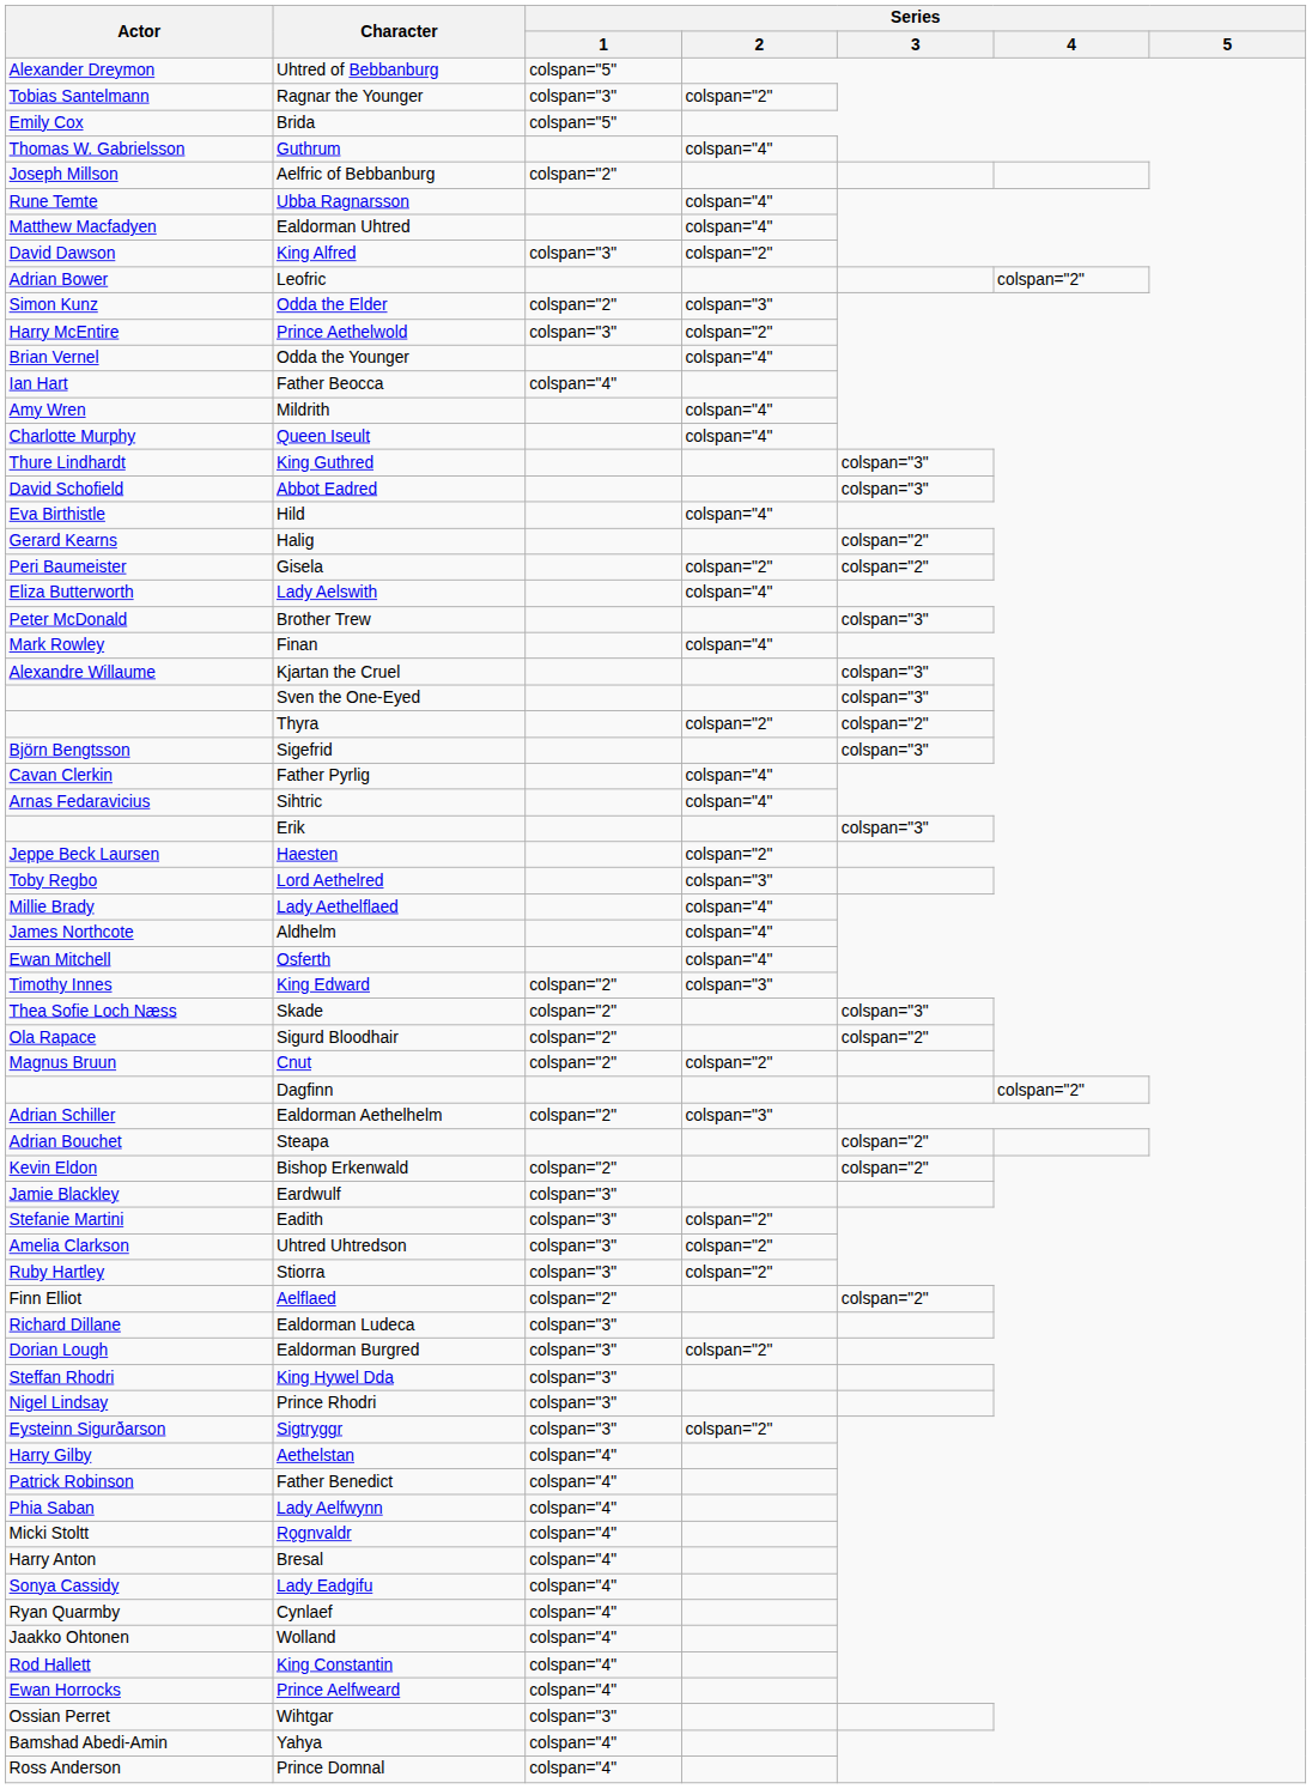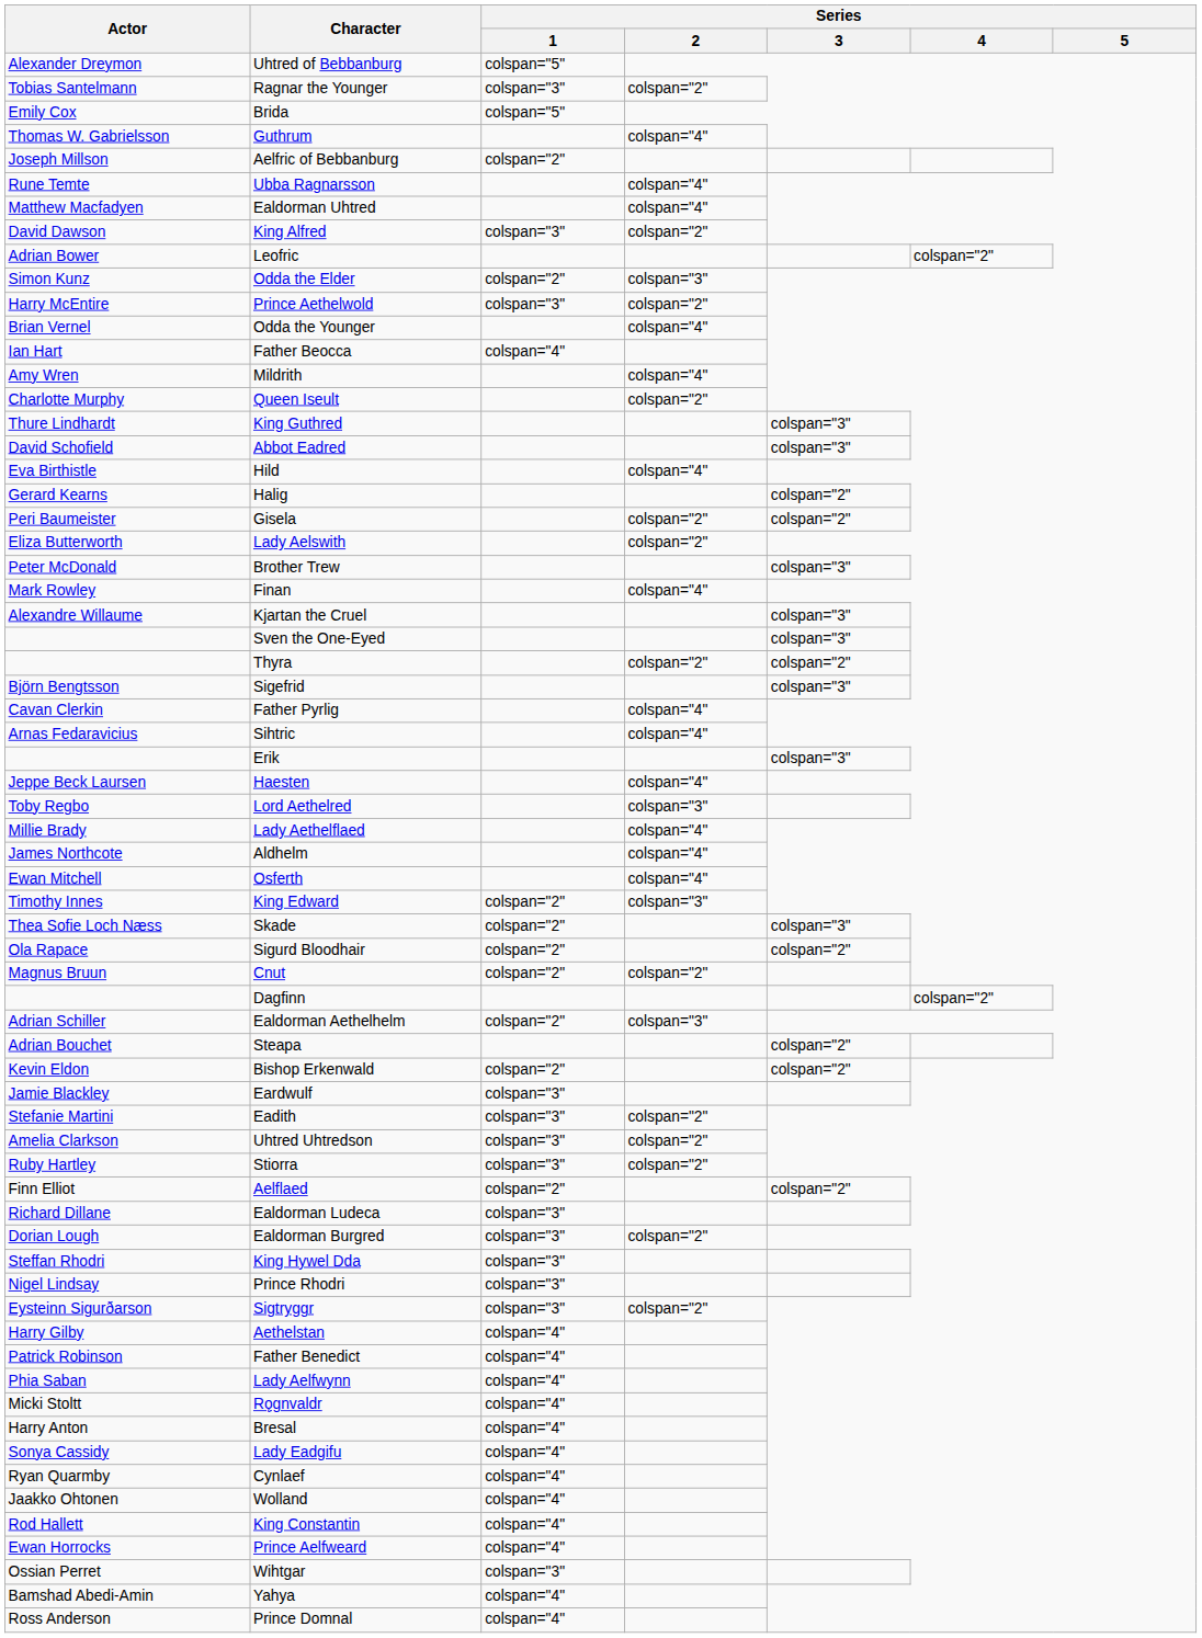 <table class="wikitable" width="100%">
 <tr>
 <th rowspan="2">Actor</th>
 <th rowspan="2">Character</th>
 <th colspan="5">Series</th>
 </tr>
 <tr>
 <th style="width:12%;">1</th>
 <th style="width:12%;">2</th>
 <th style="width:12%;">3</th>
 <th style="width:12%;">4</th>
 <th style="width:12%;">5</th>
 </tr>
 <tr>
 <td><a href='#'>Alexander Dreymon</a></td>
 <td>Uhtred of <a href='#'>Bebbanburg</a></td>
 <td>colspan="5" </td>
 </tr>
 <tr>
 <td><a href='#'>Tobias Santelmann</a></td>
 <td>Ragnar the Younger</td>
 <td>colspan="3" </td>
 <td>colspan="2" </td>
 </tr>
 <tr>
 <td><a href='#'>Emily Cox</a></td>
 <td>Brida</td>
 <td>colspan="5" </td>
 </tr>
 <tr>
 <td><a href='#'>Thomas W. Gabrielsson</a></td>
 <td><a href='#'>Guthrum</a></td>
 <td></td>
 <td>colspan="4" </td>
 </tr>
 <tr>
 <td><a href='#'>Joseph Millson</a></td>
 <td>Aelfric of Bebbanburg</td>
 <td>colspan="2" </td>
 <td></td>
 <td></td>
 <td></td>
 </tr>
 <tr>
 <td><a href='#'>Rune Temte</a></td>
 <td><a href='#'>Ubba Ragnarsson</a></td>
 <td></td>
 <td>colspan="4" </td>
 </tr>
 <tr>
 <td><a href='#'>Matthew Macfadyen</a></td>
 <td>Ealdorman Uhtred</td>
 <td></td>
 <td>colspan="4" </td>
 </tr>
 <tr>
 <td><a href='#'>David Dawson</a></td>
 <td><a href='#'>King Alfred</a></td>
 <td>colspan="3" </td>
 <td>colspan="2" </td>
 </tr>
 <tr>
 <td><a href='#'>Adrian Bower</a></td>
 <td>Leofric</td>
 <td></td>
 <td></td>
 <td></td>
 <td>colspan="2" </td>
 </tr>
 <tr>
 <td><a href='#'>Simon Kunz</a></td>
 <td><a href='#'>Odda the Elder</a></td>
 <td>colspan="2" </td>
 <td>colspan="3" </td>
 </tr>
 <tr>
 <td><a href='#'>Harry McEntire</a></td>
 <td><a href='#'>Prince Aethelwold</a></td>
 <td>colspan="3" </td>
 <td>colspan="2" </td>
 </tr>
 <tr>
 <td><a href='#'>Brian Vernel</a></td>
 <td>Odda the Younger</td>
 <td></td>
 <td>colspan="4" </td>
 </tr>
 <tr>
 <td><a href='#'>Ian Hart</a></td>
 <td>Father Beocca</td>
 <td>colspan="4" </td>
 <td></td>
 </tr>
 <tr>
 <td><a href='#'>Amy Wren</a></td>
 <td>Mildrith</td>
 <td></td>
 <td>colspan="4" </td>
 </tr>
 <tr>
 <td><a href='#'>Charlotte Murphy</a></td>
 <td><a href='#'>Queen Iseult</a></td>
 <td></td>
-<td>colspan="4" </td>
+<td>colspan="2" </td>
 </tr>
 <tr>
 <td><a href='#'>Thure Lindhardt</a></td>
 <td><a href='#'>King Guthred</a></td>
 <td></td>
 <td></td>
 <td>colspan="3" </td>
 </tr>
 <tr>
 <td><a href='#'>David Schofield</a></td>
 <td><a href='#'>Abbot Eadred</a></td>
 <td></td>
 <td></td>
 <td>colspan="3" </td>
 </tr>
 <tr>
 <td><a href='#'>Eva Birthistle</a></td>
 <td>Hild</td>
 <td></td>
 <td>colspan="4" </td>
 </tr>
 <tr>
 <td><a href='#'>Gerard Kearns</a></td>
 <td>Halig</td>
 <td></td>
 <td></td>
 <td>colspan="2" </td>
 </tr>
 <tr>
 <td><a href='#'>Peri Baumeister</a></td>
 <td>Gisela</td>
 <td></td>
 <td>colspan="2" </td>
 <td>colspan="2" </td>
 </tr>
 <tr>
 <td><a href='#'>Eliza Butterworth</a></td>
 <td><a href='#'>Lady Aelswith</a></td>
 <td></td>
-<td>colspan="4" </td>
+<td>colspan="2" </td>
 </tr>
 <tr>
 <td><a href='#'>Peter McDonald</a></td>
 <td>Brother Trew</td>
 <td></td>
 <td></td>
 <td>colspan="3" </td>
 </tr>
 <tr>
 <td><a href='#'>Mark Rowley</a></td>
 <td>Finan</td>
 <td></td>
 <td>colspan="4" </td>
 </tr>
 <tr>
 <td><a href='#'>Alexandre Willaume</a></td>
 <td>Kjartan the Cruel</td>
 <td></td>
 <td></td>
 <td>colspan="3" </td>
 </tr>
 <tr>
 <td></td>
 <td>Sven the One-Eyed</td>
 <td></td>
 <td></td>
 <td>colspan="3" </td>
 </tr>
 <tr>
 <td></td>
 <td>Thyra</td>
 <td></td>
 <td>colspan="2" </td>
 <td>colspan="2" </td>
 </tr>
 <tr>
 <td><a href='#'>Björn Bengtsson</a></td>
 <td>Sigefrid</td>
 <td></td>
 <td></td>
 <td>colspan="3" </td>
 </tr>
 <tr>
 <td><a href='#'>Cavan Clerkin</a></td>
 <td>Father Pyrlig</td>
 <td></td>
 <td>colspan="4" </td>
 </tr>
 <tr>
 <td><a href='#'>Arnas Fedaravicius</a></td>
 <td>Sihtric</td>
 <td></td>
 <td>colspan="4" </td>
 </tr>
 <tr>
 <td></td>
 <td>Erik</td>
 <td></td>
 <td></td>
 <td>colspan="3" </td>
 </tr>
 <tr>
 <td><a href='#'>Jeppe Beck Laursen</a></td>
 <td><a href='#'>Haesten</a></td>
 <td></td>
-<td>colspan="2" </td>
+<td>colspan="4" </td>
 </tr>
 <tr>
 <td><a href='#'>Toby Regbo</a></td>
 <td><a href='#'>Lord Aethelred</a></td>
 <td></td>
 <td>colspan="3" </td>
 <td></td>
 </tr>
 <tr>
 <td><a href='#'>Millie Brady</a></td>
 <td><a href='#'>Lady Aethelflaed</a></td>
 <td></td>
 <td>colspan="4" </td>
 </tr>
 <tr>
 <td><a href='#'>James Northcote</a></td>
 <td>Aldhelm</td>
 <td></td>
 <td>colspan="4" </td>
 </tr>
 <tr>
 <td><a href='#'>Ewan Mitchell</a></td>
 <td><a href='#'>Osferth</a></td>
 <td></td>
 <td>colspan="4" </td>
 </tr>
 <tr>
 <td><a href='#'>Timothy Innes</a></td>
 <td><a href='#'>King Edward</a></td>
 <td>colspan="2" </td>
 <td>colspan="3" </td>
 </tr>
 <tr>
 <td><a href='#'>Thea Sofie Loch Næss</a></td>
 <td>Skade</td>
 <td>colspan="2" </td>
 <td></td>
 <td>colspan="3" </td>
 </tr>
 <tr>
 <td><a href='#'>Ola Rapace</a></td>
 <td>Sigurd Bloodhair</td>
 <td>colspan="2" </td>
 <td></td>
 <td>colspan="2" </td>
 </tr>
 <tr>
 <td><a href='#'>Magnus Bruun</a></td>
 <td><a href='#'>Cnut</a></td>
 <td>colspan="2" </td>
 <td>colspan="2" </td>
 <td></td>
 </tr>
 <tr>
 <td></td>
 <td>Dagfinn</td>
 <td></td>
 <td></td>
 <td></td>
 <td>colspan="2" </td>
 </tr>
 <tr>
 <td><a href='#'>Adrian Schiller</a></td>
 <td>Ealdorman Aethelhelm</td>
 <td>colspan="2" </td>
 <td>colspan="3" </td>
 </tr>
 <tr>
 <td><a href='#'>Adrian Bouchet</a></td>
 <td>Steapa</td>
 <td></td>
 <td></td>
 <td>colspan="2" </td>
 <td></td>
 </tr>
 <tr>
 <td><a href='#'>Kevin Eldon</a></td>
 <td>Bishop Erkenwald</td>
 <td>colspan="2" </td>
 <td></td>
 <td>colspan="2" </td>
 </tr>
 <tr>
 <td><a href='#'>Jamie Blackley</a></td>
 <td>Eardwulf</td>
 <td>colspan="3" </td>
 <td></td>
 <td></td>
 </tr>
 <tr>
 <td><a href='#'>Stefanie Martini</a></td>
 <td>Eadith</td>
 <td>colspan="3" </td>
 <td>colspan="2" </td>
 </tr>
 <tr>
 <td><a href='#'>Amelia Clarkson</a></td>
 <td>Uhtred Uhtredson</td>
 <td>colspan="3" </td>
 <td>colspan="2" </td>
 </tr>
 <tr>
 <td><a href='#'>Ruby Hartley</a></td>
 <td>Stiorra</td>
 <td>colspan="3" </td>
 <td>colspan="2" </td>
 </tr>
 <tr>
 <td>Finn Elliot</td>
 <td><a href='#'>Aelflaed</a></td>
 <td>colspan="2" </td>
 <td></td>
 <td>colspan="2" </td>
 </tr>
 <tr>
 <td><a href='#'>Richard Dillane</a></td>
 <td>Ealdorman Ludeca</td>
 <td>colspan="3" </td>
 <td></td>
 <td></td>
 </tr>
 <tr>
 <td><a href='#'>Dorian Lough</a></td>
 <td>Ealdorman Burgred</td>
 <td>colspan="3" </td>
 <td>colspan="2" </td>
 </tr>
 <tr>
 <td><a href='#'>Steffan Rhodri</a></td>
 <td><a href='#'>King Hywel Dda</a></td>
 <td>colspan="3" </td>
 <td></td>
 <td></td>
 </tr>
 <tr>
 <td><a href='#'>Nigel Lindsay</a></td>
 <td>Prince Rhodri</td>
 <td>colspan="3" </td>
 <td></td>
 <td></td>
 </tr>
 <tr>
 <td><a href='#'>Eysteinn Sigurðarson</a></td>
 <td><a href='#'>Sigtryggr</a></td>
 <td>colspan="3" </td>
 <td>colspan="2" </td>
 </tr>
 <tr>
 <td><a href='#'>Harry Gilby</a></td>
 <td><a href='#'>Aethelstan</a></td>
 <td>colspan="4" </td>
 <td></td>
 </tr>
 <tr>
 <td><a href='#'>Patrick Robinson</a></td>
 <td>Father Benedict</td>
 <td>colspan="4" </td>
 <td></td>
 </tr>
 <tr>
 <td><a href='#'>Phia Saban</a></td>
 <td><a href='#'>Lady Aelfwynn</a></td>
 <td>colspan="4" </td>
 <td></td>
 </tr>
 <tr>
 <td>Micki Stoltt</td>
 <td><a href='#'>Rǫgnvaldr</a></td>
 <td>colspan="4" </td>
 <td></td>
 </tr>
 <tr>
 <td>Harry Anton</td>
 <td>Bresal</td>
 <td>colspan="4" </td>
 <td></td>
 </tr>
 <tr>
 <td><a href='#'>Sonya Cassidy</a></td>
 <td><a href='#'>Lady Eadgifu</a></td>
 <td>colspan="4" </td>
 <td></td>
 </tr>
 <tr>
 <td>Ryan Quarmby</td>
 <td>Cynlaef</td>
 <td>colspan="4" </td>
 <td></td>
 </tr>
 <tr>
 <td>Jaakko Ohtonen</td>
 <td>Wolland</td>
 <td>colspan="4" </td>
 <td></td>
 </tr>
 <tr>
 <td><a href='#'>Rod Hallett</a></td>
 <td><a href='#'>King Constantin</a></td>
 <td>colspan="4" </td>
 <td></td>
 </tr>
 <tr>
 <td><a href='#'>Ewan Horrocks</a></td>
 <td><a href='#'>Prince Aelfweard</a></td>
 <td>colspan="4" </td>
 <td></td>
 </tr>
 <tr>
 <td>Ossian Perret</td>
 <td>Wihtgar</td>
 <td>colspan="3" </td>
 <td></td>
 <td></td>
 </tr>
 <tr>
 <td>Bamshad Abedi-Amin</td>
 <td>Yahya</td>
 <td>colspan="4" </td>
 <td></td>
 </tr>
 <tr>
 <td>Ross Anderson</td>
 <td>Prince Domnal</td>
 <td>colspan="4" </td>
 <td></td>
 </tr>
 </table>
